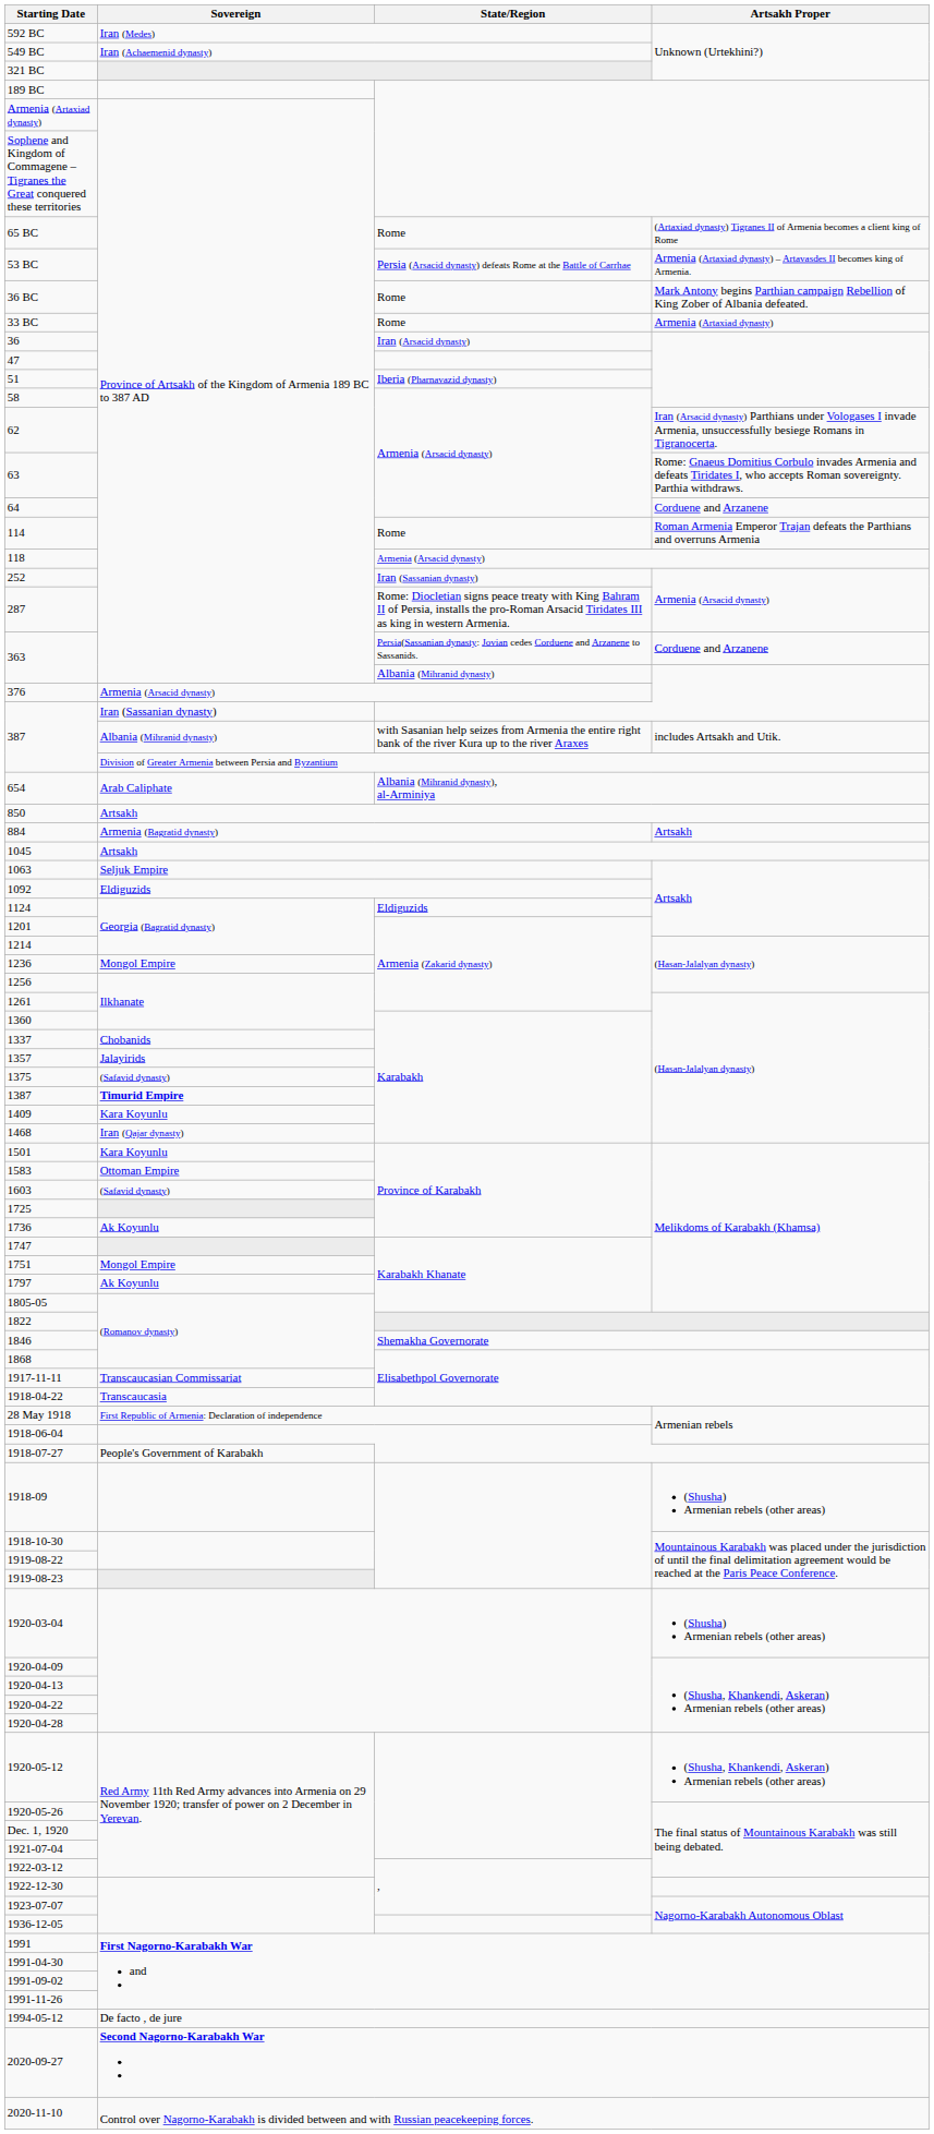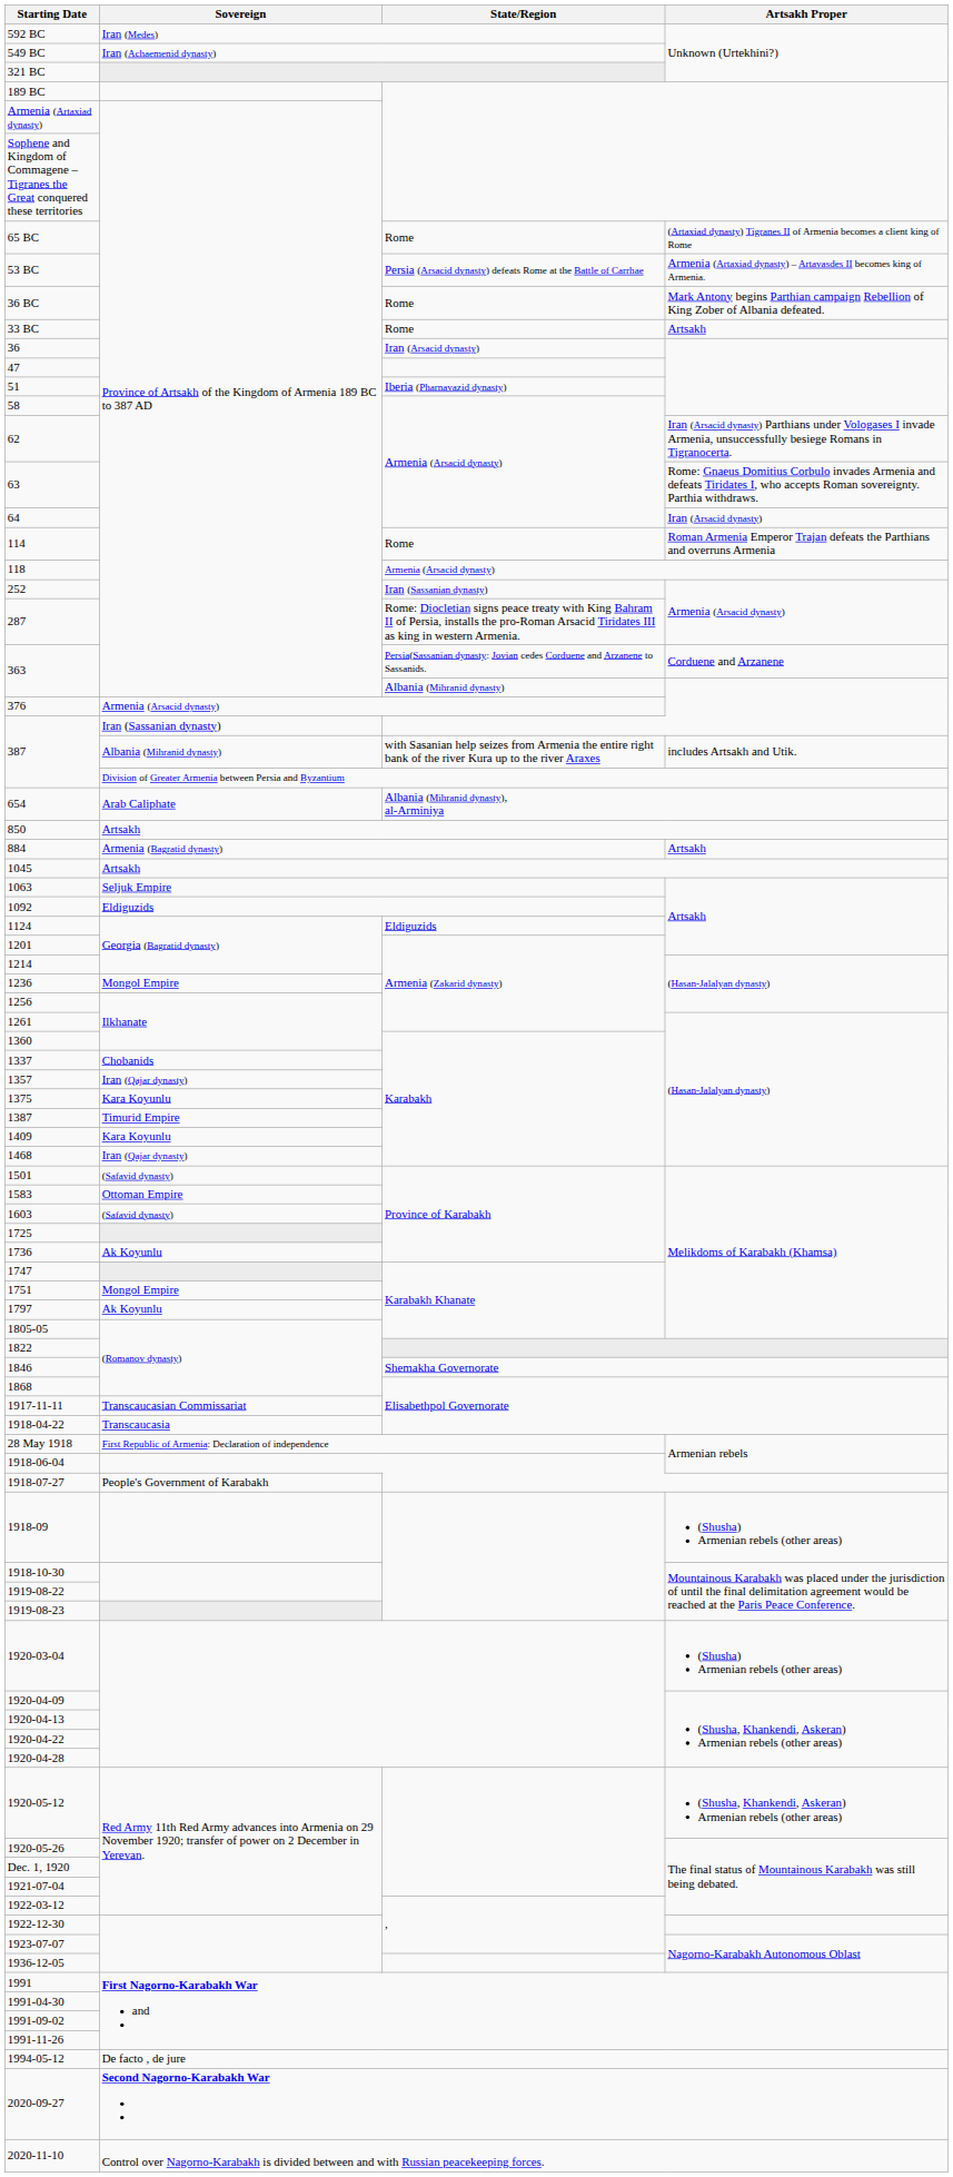 <table class="wikitable">
 <tr>
 <th scope="col" style="width: 10%;">Starting Date</th>
 <th scope="col" style="width: 30%;”">Sovereign</th>
 <th scope="col" style="width: 30%;”">State/Region</th>
 <th scope="col" style="width: 30%;”">Artsakh Proper</th>
 </tr>
 <tr>
 <td>592 BC </td>
 <td colspan="2"><a href='#'>Iran</a> <small>(<a href='#'>Medes</a>)</small></td>
 <td rowspan="3">Unknown (Urtekhini?)</td>
 </tr>
 <tr>
 <td>549 BC</td>
 <td colspan="2"> <a href='#'>Iran</a> <small>(<a href='#'>Achaemenid dynasty</a>)</small></td>
 </tr>
 <tr>
 <td>321 BC</td>
 <td colspan="2" style="background: #ECECEC;"></td>
 </tr>
 <tr>
 <td rowspan="1">189 BC </td>
 <td></td>
 </tr>
 <tr>
 <td 189> <a href='#'>Armenia</a> <small>(<a href='#'>Artaxiad dynasty</a>)</small></td>
 <td rowspan="19"><a href='#'>Province of Artsakh</a> of the Kingdom of Armenia  189 BC to 387 AD </td>
 </tr>
 <tr>
 <td 90 BC><a href='#'>Sophene</a> and Kingdom of Commagene – <a href='#'>Tigranes the Great</a> conquered these territories</td>
 </tr>
 <tr>
 <td>65 BC </td>
 <td>Rome</td>
 <td> <small>(<a href='#'>Artaxiad dynasty</a>) <a href='#'>Tigranes II</a> of Armenia becomes a client king of Rome</small></td>
 </tr>
 <tr>
 <td>53 BC </td>
 <td><a href='#'>Persia</a> <small>(<a href='#'>Arsacid dynasty</a>) defeats Rome at the <a href='#'>Battle of Carrhae</a></small></td>
 <td> <a href='#'>Armenia</a> <small>(<a href='#'>Artaxiad dynasty</a>) – <a href='#'>Artavasdes II</a> becomes king of Armenia.</small></td>
 </tr>
 <tr>
 <td>36 BC</td>
 <td>Rome</td>
 <td><a href='#'>Mark Antony</a> begins <a href='#'>Parthian campaign</a> <a href='#'>Rebellion</a> of King Zober of Albania defeated.</td>
 </tr>
 <tr>
 <td>33 BC</td>
 <td>Rome</td>
-<td> <a href='#'>Armenia</a> <small>(<a href='#'>Artaxiad dynasty</a>)</small></td>
+<td> <a href='#'>Artsakh</a></td>
 </tr>
 <tr>
 <td>36</td>
 <td><a href='#'>Iran</a> <small>(<a href='#'>Arsacid dynasty</a>)</small></td>
 </tr>
 <tr>
 <td>47</td>
 <td></td>
 </tr>
 <tr>
 <td>51 </td>
 <td><a href='#'>Iberia</a> <small>(<a href='#'>Pharnavazid dynasty</a>)</small></td>
 </tr>
 <tr>
 <td>58</td>
 <td rowspan="4"> <a href='#'>Armenia</a> <small>(<a href='#'>Arsacid dynasty</a>)</small></td>
 </tr>
 <tr>
 <td>62</td>
 <td><a href='#'>Iran</a> <small>(<a href='#'>Arsacid dynasty</a>)</small> Parthians under <a href='#'>Vologases I</a> invade Armenia, unsuccessfully besiege Romans in <a href='#'>Tigranocerta</a>.</td>
 </tr>
 <tr>
 <td>63</td>
 <td>Rome: <a href='#'>Gnaeus Domitius Corbulo</a> invades Armenia and defeats <a href='#'>Tiridates I</a>, who accepts Roman sovereignty. Parthia withdraws.</td>
 </tr>
 <tr>
 <td>64</td>
-<td><a href='#'>Corduene</a> and <a href='#'>Arzanene</a></td>
+<td><a href='#'>Iran</a> <small>(<a href='#'>Arsacid dynasty</a>)</small></td>
 </tr>
 <tr>
 <td>114 </td>
 <td>Rome</td>
 <td><a href='#'>Roman Armenia</a> Emperor <a href='#'>Trajan</a> defeats the Parthians and overruns Armenia</td>
 </tr>
 <tr>
 <td>118</td>
 <td colspan="2"><small> <a href='#'>Armenia</a> (<a href='#'>Arsacid dynasty</a>)</small></td>
 </tr>
 <tr>
 <td>252</td>
 <td> <a href='#'>Iran</a> <small>(<a href='#'>Sassanian dynasty</a>)</small></td>
 <td rowspan="2"> <a href='#'>Armenia</a> <small>(<a href='#'>Arsacid dynasty</a>)</small></td>
 </tr>
 <tr>
 <td>287</td>
 <td>Rome: <a href='#'>Diocletian</a> signs peace treaty with King <a href='#'>Bahram II</a> of Persia, installs the pro-Roman Arsacid <a href='#'>Tiridates III</a> as king in western Armenia.</td>
 </tr>
 <tr>
 <td rowspan="2">363</td>
 <td> <small><a href='#'>Persia</a>(<a href='#'>Sassanian dynasty</a>: <a href='#'>Jovian</a> cedes <a href='#'>Corduene</a> and <a href='#'>Arzanene</a> to Sassanids.</small></td>
 <td><a href='#'>Corduene</a> and <a href='#'>Arzanene</a></td>
 </tr>
 <tr>
 <td><a href='#'>Albania</a> <small>(<a href='#'>Mihranid dynasty</a>)</small></td>
 </tr>
 <tr>
 <td>376</td>
 <td colspan="2"> <a href='#'>Armenia</a> <small>(<a href='#'>Arsacid dynasty</a>)</small></td>
 </tr>
 <tr>
 <td rowspan="3">387</td>
 <td> <a href='#'>Iran</a> (<a href='#'>Sassanian dynasty</a>)</td>
 </tr>
 <tr>
 <td><a href='#'>Albania</a> <small>(<a href='#'>Mihranid dynasty</a>)</small></td>
 <td>with Sasanian help seizes from Armenia the entire right bank of the river Kura up to the river <a href='#'>Araxes</a></td>
 <td>includes Artsakh and Utik.</td>
 </tr>
 <tr>
 <td colspan="3"><small><a href='#'>Division</a> of <a href='#'>Greater Armenia</a> between Persia and <a href='#'>Byzantium</a></small></td>
 </tr>
 <tr>
 <td>654</td>
 <td><a href='#'>Arab Caliphate</a></td>
 <td colspan="2"><a href='#'>Albania</a> <small>(<a href='#'>Mihranid dynasty</a>)</small>,<br><a href='#'>al-Arminiya</a></td>
 </tr>
 <tr>
 <td>850</td>
 <td colspan="3"> <a href='#'>Artsakh</a></td>
 </tr>
 <tr>
 <td>884</td>
 <td colspan="2"> <a href='#'>Armenia</a> <small>(<a href='#'>Bagratid dynasty</a>)</small></td>
 <td> <a href='#'>Artsakh</a></td>
 </tr>
 <tr>
 <td>1045</td>
 <td colspan="3"> <a href='#'>Artsakh</a></td>
 </tr>
 <tr>
 <td>1063</td>
 <td colspan="2"> <a href='#'>Seljuk Empire</a></td>
 <td rowspan="4"> <a href='#'>Artsakh</a></td>
 </tr>
 <tr>
 <td>1092</td>
 <td colspan="2"><a href='#'>Eldiguzids</a></td>
 </tr>
 <tr>
 <td>1124</td>
 <td rowspan="3"><strong></strong> <a href='#'>Georgia</a> <small>(<a href='#'>Bagratid dynasty</a>)</small></td>
 <td><a href='#'>Eldiguzids</a></td>
 </tr>
 <tr>
 <td>1201</td>
 <td rowspan="5"><a href='#'>Armenia</a> <small>(<a href='#'>Zakarid dynasty</a>)</small></td>
 </tr>
 <tr>
 <td>1214 </td>
 <td rowspan="3"> <small>(<a href='#'>Hasan-Jalalyan dynasty</a>)</small></td>
 </tr>
 <tr>
 <td>1236</td>
 <td><a href='#'>Mongol Empire</a></td>
 </tr>
 <tr>
 <td>1256</td>
 <td rowspan="3"><a href='#'>Ilkhanate</a></td>
 </tr>
 <tr>
 <td>1261</td>
 <td rowspan="8"> <small>(<a href='#'>Hasan-Jalalyan dynasty</a>)</small></td>
 </tr>
 <tr>
 <td>1360</td>
 <td rowspan="7"><a href='#'>Karabakh</a></td>
 </tr>
 <tr>
 <td>1337</td>
 <td><a href='#'>Chobanids</a></td>
 </tr>
 <tr>
 <td>1357</td>
-<td><a href='#'>Jalayirids</a></td>
+<td> <a href='#'>Iran</a> <small>(<a href='#'>Qajar dynasty</a>)</small></td>
 </tr>
 <tr>
 <td>1375</td>
-<td> <small>(<a href='#'>Safavid dynasty</a>)</small></td>
+<td><a href='#'>Kara Koyunlu</a></td>
 </tr>
 <tr>
 <td>1387</td>
-<td><strong><a href='#'>Timurid Empire</a></strong></td>
+<td><a href='#'>Timurid Empire</a></td>
 </tr>
 <tr>
 <td>1409</td>
 <td><a href='#'>Kara Koyunlu</a></td>
 </tr>
 <tr>
 <td>1468</td>
 <td> <a href='#'>Iran</a> <small>(<a href='#'>Qajar dynasty</a>)</small></td>
 </tr>
 <tr>
 <td>1501</td>
-<td><a href='#'>Kara Koyunlu</a></td>
+<td> <small>(<a href='#'>Safavid dynasty</a>)</small></td>
 <td rowspan="5"><a href='#'>Province of Karabakh</a></td>
 <td rowspan="9"><a href='#'>Melikdoms of Karabakh (Khamsa)</a></td>
 </tr>
 <tr>
 <td>1583</td>
 <td><strong></strong> <a href='#'>Ottoman Empire</a></td>
 </tr>
 <tr>
 <td>1603</td>
 <td> <small>(<a href='#'>Safavid dynasty</a>)</small></td>
 </tr>
 <tr>
 <td>1725</td>
 <td style="background: #ECECEC;"></td>
 </tr>
 <tr>
 <td>1736</td>
 <td><a href='#'>Ak Koyunlu</a></td>
 </tr>
 <tr>
 <td>1747 </td>
 <td style="background: #ECECEC;"></td>
 <td rowspan="4"><a href='#'>Karabakh Khanate</a></td>
 </tr>
 <tr>
 <td>1751</td>
 <td><a href='#'>Mongol Empire</a></td>
 </tr>
 <tr>
 <td>1797</td>
 <td><a href='#'>Ak Koyunlu</a></td>
 </tr>
 <tr>
 <td>1805-05 </td>
 <td rowspan="4"> <small>(<a href='#'>Romanov dynasty</a>)</small></td>
 </tr>
 <tr>
 <td>1822 </td>
 <td colspan="2" style="background: #ECECEC;"></td>
 </tr>
 <tr>
 <td>1846</td>
 <td colspan="2"><a href='#'>Shemakha Governorate</a></td>
 </tr>
 <tr>
 <td>1868 </td>
 <td colspan="2" rowspan="3"><a href='#'>Elisabethpol Governorate</a></td>
 </tr>
 <tr>
 <td>1917-11-11</td>
 <td> <a href='#'>Transcaucasian Commissariat</a></td>
 </tr>
 <tr>
 <td>1918-04-22</td>
 <td><a href='#'>Transcaucasia</a></td>
 </tr>
 <tr>
 <td>28 May 1918 </td>
 <td colspan="2"><small><a href='#'>First Republic of Armenia</a>: Declaration of independence</small></td>
 <td rowspan="2"> Armenian rebels</td>
 </tr>
 <tr>
 <td>1918-06-04 </td>
 </tr>
 <tr>
 <td>1918-07-27</td>
 <td> People's Government of Karabakh</td>
 </tr>
 <tr>
 <td>1918-09</td>
 <td></td>
 <td rowspan="4"></td>
 <td><br><ul><li> (<a href='#'>Shusha</a>)</li><li> Armenian rebels (other areas)</li></ul></td>
 </tr>
 <tr>
 <td>1918-10-30 </td>
 <td rowspan="2"></td>
 <td rowspan="3"><a href='#'>Mountainous Karabakh</a> was placed under the jurisdiction of  until the final delimitation agreement would be reached at the <a href='#'>Paris Peace Conference</a>.</td>
 </tr>
 <tr>
 <td>1919-08-22 </td>
 </tr>
 <tr>
 <td>1919-08-23 </td>
 <td style="background: #ECECEC;"></td>
 </tr>
 <tr>
 <td>1920-03-04 </td>
 <td colspan="2" rowspan="5"></td>
 <td><br><ul><li> (<a href='#'>Shusha</a>)</li><li> Armenian rebels (other areas)</li></ul></td>
 </tr>
 <tr>
 <td>1920-04-09</td>
 <td rowspan="4"><br><ul><li> (<a href='#'>Shusha</a>, <a href='#'>Khankendi</a>, <a href='#'>Askeran</a>)</li><li> Armenian rebels (other areas)</li></ul></td>
 </tr>
 <tr>
 <td>1920-04-13 </td>
 </tr>
 <tr>
 <td>1920-04-22 </td>
 </tr>
 <tr>
 <td>1920-04-28 </td>
 </tr>
 <tr>
 <td>1920-05-12 </td>
 <td rowspan="5"> <a href='#'>Red Army</a> 11th Red Army advances into Armenia on 29 November 1920; transfer of power on 2 December in <a href='#'>Yerevan</a>.</td>
 <td rowspan="4"></td>
 <td><br><ul><li> (<a href='#'>Shusha</a>, <a href='#'>Khankendi</a>, <a href='#'>Askeran</a>)</li><li> Armenian rebels (other areas)</li></ul></td>
 </tr>
 <tr>
 <td>1920-05-26</td>
 <td rowspan="4">The final status of <a href='#'>Mountainous Karabakh</a> was still being debated.</td>
 </tr>
 <tr>
 <td>Dec. 1, 1920 </td>
 </tr>
 <tr>
 <td>1921-07-04 </td>
 </tr>
 <tr>
 <td>1922-03-12</td>
 <td rowspan="3">,<br></td>
 </tr>
 <tr>
 <td>1922-12-30 </td>
 <td rowspan="3"></td>
 </tr>
 <tr>
 <td>1923-07-07 </td>
 <td rowspan="2"><a href='#'>Nagorno-Karabakh Autonomous Oblast</a></td>
 </tr>
 <tr>
 <td>1936-12-05</td>
 <td></td>
 </tr>
 <tr>
 <td>1991</td>
 <td colspan="3" rowspan="4"><strong><a href='#'>First Nagorno-Karabakh War</a></strong><br><ul><li> and </li><li></li></ul></td>
 </tr>
 <tr>
 <td>1991-04-30 </td>
 </tr>
 <tr>
 <td>1991-09-02 </td>
 </tr>
 <tr>
 <td>1991-11-26 </td>
 </tr>
 <tr>
 <td>1994-05-12 </td>
 <td colspan="3">De facto , de jure </td>
 </tr>
 <tr>
 <td>2020-09-27</td>
 <td colspan="3"><strong><a href='#'>Second Nagorno-Karabakh War</a></strong><br><ul><li> </li><li> </li></ul></td>
 </tr>
 <tr>
 <td>2020-11-10</td>
 <td colspan="3"><br>Control over <a href='#'>Nagorno-Karabakh</a> is divided between  and  with  <a href='#'>Russian peacekeeping forces</a>.</td>
 </tr>
 </table>
